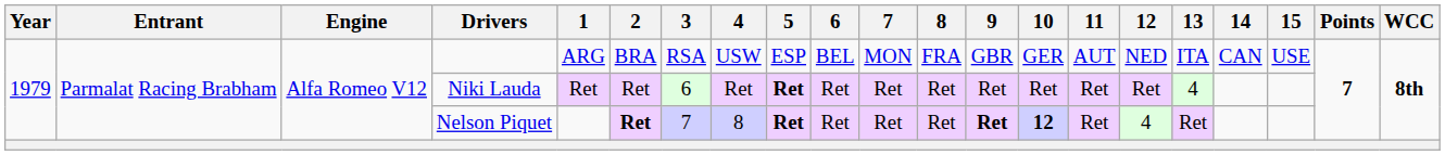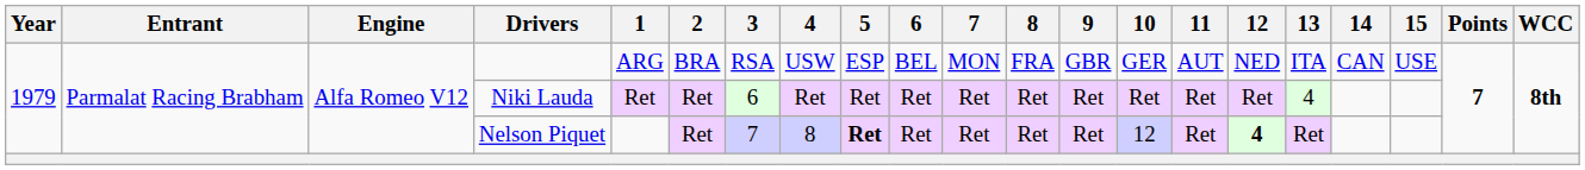 <table class="wikitable" style="text-align:center; font-size:90%">
 <tr>
 <th>Year</th>
 <th>Entrant</th>
 <th>Engine</th>
 <th>Drivers</th>
 <th>1</th>
 <th>2</th>
 <th>3</th>
 <th>4</th>
 <th>5</th>
 <th>6</th>
 <th>7</th>
 <th>8</th>
 <th>9</th>
 <th>10</th>
 <th>11</th>
 <th>12</th>
 <th>13</th>
 <th>14</th>
 <th>15</th>
 <th>Points</th>
 <th>WCC</th>
 </tr>
 <tr>
 <td Rowspan="3"><a href='#'>1979</a></td>
 <td Rowspan="3"><a href='#'>Parmalat</a> <a href='#'>Racing Brabham</a></td>
 <td Rowspan="3"><a href='#'>Alfa Romeo</a> <a href='#'>V12</a></td>
 <td></td>
 <td><a href='#'>ARG</a></td>
 <td><a href='#'>BRA</a></td>
 <td><a href='#'>RSA</a></td>
 <td><a href='#'>USW</a></td>
 <td><a href='#'>ESP</a></td>
 <td><a href='#'>BEL</a></td>
 <td><a href='#'>MON</a></td>
 <td><a href='#'>FRA</a></td>
 <td><a href='#'>GBR</a></td>
 <td><a href='#'>GER</a></td>
 <td><a href='#'>AUT</a></td>
 <td><a href='#'>NED</a></td>
 <td><a href='#'>ITA</a></td>
 <td><a href='#'>CAN</a></td>
 <td><a href='#'>USE</a></td>
 <td Rowspan="3"><strong>7</strong></td>
 <td Rowspan="3"><strong>8th</strong></td>
 </tr>
 <tr>
 <td><a href='#'>Niki Lauda</a></td>
 <td style="background:#efcfff;">Ret</td>
 <td style="background:#efcfff;">Ret</td>
 <td style="background:#dfffdf;">6</td>
 <td style="background:#efcfff;">Ret</td>
-<td style="background:#efcfff;"><strong>Ret</strong></td>
+<td style="background:#efcfff;">Ret</td>
 <td style="background:#efcfff;">Ret</td>
 <td style="background:#efcfff;">Ret</td>
 <td style="background:#efcfff;">Ret</td>
 <td style="background:#efcfff;">Ret</td>
 <td style="background:#efcfff;">Ret</td>
 <td style="background:#efcfff;">Ret</td>
 <td style="background:#efcfff;">Ret</td>
 <td style="background:#dfffdf;">4</td>
 <td></td>
 <td></td>
 </tr>
 <tr>
 <td><a href='#'>Nelson Piquet</a></td>
 <td></td>
-<td style="background:#efcfff;"><strong>Ret</strong></td>
+<td style="background:#efcfff;">Ret</td>
 <td style="background:#cfcfff;">7</td>
 <td style="background:#cfcfff;">8</td>
 <td style="background:#efcfff;"><strong>Ret</strong></td>
 <td style="background:#efcfff;">Ret</td>
 <td style="background:#efcfff;">Ret</td>
 <td style="background:#efcfff;">Ret</td>
-<td style="background:#efcfff;"><strong>Ret</strong></td>
-<td style="background:#cfcfff;"><strong>12</strong></td>
 <td style="background:#efcfff;">Ret</td>
-<td style="background:#dfffdf;">4</td>
+<td style="background:#cfcfff;">12</td>
+<td style="background:#efcfff;">Ret</td>
+<td style="background:#dfffdf;"><strong>4</strong></td>
 <td style="background:#efcfff;">Ret</td>
 <td></td>
 <td></td>
 </tr>
 <tr>
 <th colspan="21"></th>
 </tr>
 </table>
